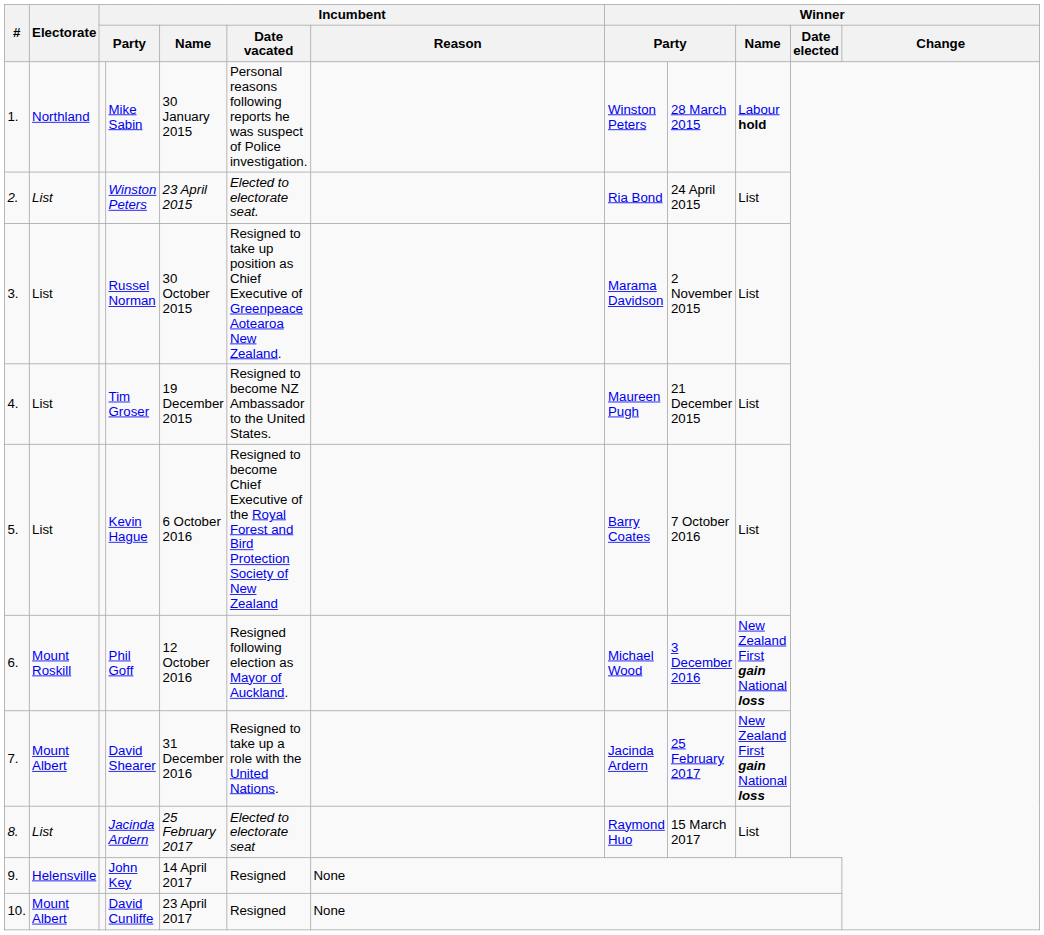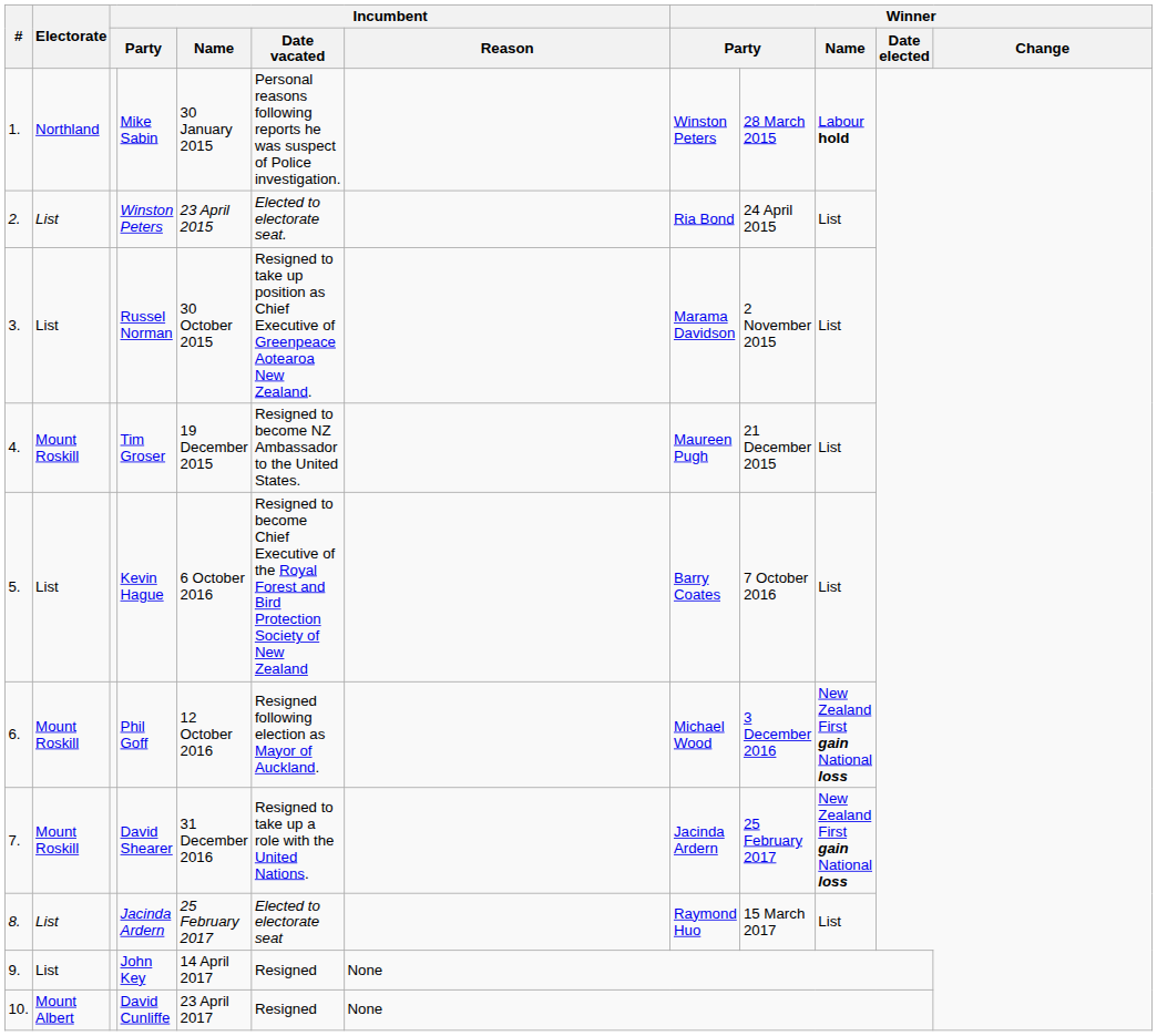 <table class="wikitable">
 <tr>
 <th rowspan="2">#</th>
 <th rowspan="2">Electorate</th>
 <th colspan="5">Incumbent</th>
 <th colspan="5">Winner</th>
 </tr>
 <tr>
 <th colspan="2">Party</th>
 <th>Name</th>
 <th>Date vacated</th>
 <th style="width:30%;">Reason</th>
 <th colspan="2">Party</th>
 <th>Name</th>
 <th>Date elected</th>
 <th style="width:20%;">Change</th>
 </tr>
 <tr>
 <td>1.</td>
 <td><a href='#'>Northland</a></td>
 <td></td>
 <td><a href='#'>Mike Sabin</a></td>
 <td>30 January 2015</td>
 <td>Personal reasons following reports he was suspect of Police investigation.</td>
 <td></td>
 <td><a href='#'>Winston Peters</a></td>
 <td><a href='#'>28 March 2015</a></td>
 <td><a href='#'>Labour</a> <strong>hold</strong></td>
 </tr>
 <tr>
 <td><em>2.</em></td>
 <td><em>List</em> </td>
 <td></td>
 <td><em><a href='#'>Winston Peters</a></em></td>
 <td><em>23 April 2015</em></td>
 <td><em>Elected to electorate seat.</em></td>
 <td></td>
 <td><a href='#'>Ria Bond</a></td>
 <td>24 April 2015</td>
 <td>List</td>
 </tr>
 <tr>
 <td>3.</td>
 <td>List</td>
 <td></td>
 <td><a href='#'>Russel Norman</a></td>
 <td>30 October 2015</td>
 <td>Resigned to take up position as Chief Executive of <a href='#'>Greenpeace Aotearoa New Zealand</a>.</td>
 <td></td>
 <td><a href='#'>Marama Davidson</a></td>
 <td>2 November 2015</td>
 <td>List</td>
 </tr>
 <tr>
 <td>4.</td>
-<td>List</td>
+<td><a href='#'>Mount Roskill</a></td>
 <td></td>
 <td><a href='#'>Tim Groser</a></td>
 <td>19 December 2015</td>
 <td>Resigned to become NZ Ambassador to the United States.</td>
 <td></td>
 <td><a href='#'>Maureen Pugh</a></td>
 <td>21 December 2015</td>
 <td>List</td>
 </tr>
 <tr>
 <td>5.</td>
 <td>List</td>
 <td></td>
 <td><a href='#'>Kevin Hague</a></td>
 <td>6 October 2016</td>
 <td>Resigned to become Chief Executive of the <a href='#'>Royal Forest and Bird Protection Society of New Zealand</a></td>
 <td></td>
 <td><a href='#'>Barry Coates</a></td>
 <td>7 October 2016</td>
 <td>List</td>
 </tr>
 <tr>
 <td>6.</td>
 <td><a href='#'>Mount Roskill</a></td>
 <td></td>
 <td><a href='#'>Phil Goff</a></td>
 <td>12 October 2016</td>
 <td>Resigned following election as <a href='#'>Mayor of Auckland</a>.</td>
 <td></td>
 <td><a href='#'>Michael Wood</a></td>
 <td><a href='#'>3 December 2016</a></td>
 <td><a href='#'>New Zealand First</a> <strong><em>gain</em></strong> <br> <a href='#'>National</a> <strong><em>loss</em></strong></td>
 </tr>
 <tr>
 <td>7.</td>
-<td><a href='#'>Mount Albert</a></td>
+<td><a href='#'>Mount Roskill</a></td>
 <td></td>
 <td><a href='#'>David Shearer</a></td>
 <td>31 December 2016</td>
 <td>Resigned to take up a role with the <a href='#'>United Nations</a>.</td>
 <td></td>
 <td><a href='#'>Jacinda Ardern</a></td>
 <td><a href='#'>25 February 2017</a></td>
 <td><a href='#'>New Zealand First</a> <strong><em>gain</em></strong> <br> <a href='#'>National</a> <strong><em>loss</em></strong></td>
 </tr>
 <tr>
 <td><em>8.</em></td>
 <td><em>List</em> </td>
 <td></td>
 <td><em><a href='#'>Jacinda Ardern</a></em></td>
 <td><em>25 February 2017</em></td>
 <td><em>Elected to electorate seat</em></td>
 <td></td>
 <td><a href='#'>Raymond Huo</a></td>
 <td>15 March 2017</td>
 <td>List</td>
 </tr>
 <tr>
 <td>9.</td>
-<td><a href='#'>Helensville</a></td>
+<td>List</td>
 <td></td>
 <td><a href='#'>John Key</a></td>
 <td>14 April 2017</td>
 <td>Resigned</td>
 <td colspan="5">None</td>
 </tr>
 <tr>
 <td>10.</td>
 <td><a href='#'>Mount Albert</a></td>
 <td></td>
 <td><a href='#'>David Cunliffe</a></td>
 <td>23 April 2017</td>
 <td>Resigned</td>
 <td colspan="5">None</td>
 </tr>
 </table>
